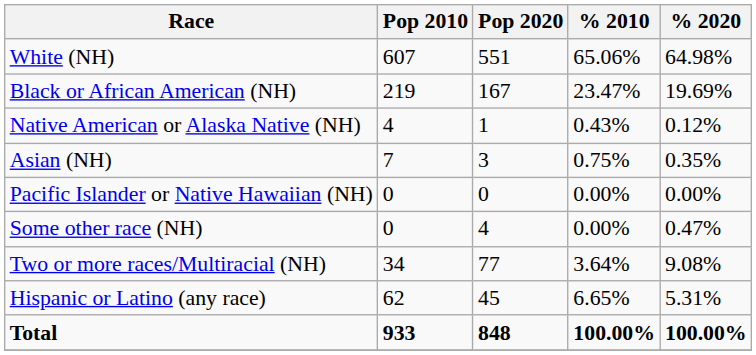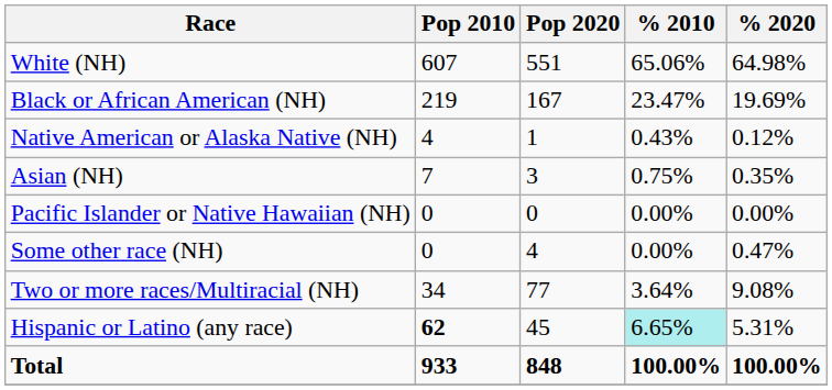 <table class="wikitable">
 <tr>
 <th>Race</th>
 <th>Pop 2010</th>
 <th>Pop 2020</th>
 <th>% 2010</th>
 <th>% 2020</th>
 </tr>
 <tr>
 <td><a href='#'>White</a> (NH)</td>
 <td>607</td>
 <td>551</td>
 <td>65.06%</td>
 <td>64.98%</td>
 </tr>
 <tr>
 <td><a href='#'>Black or African American</a> (NH)</td>
 <td>219</td>
 <td>167</td>
 <td>23.47%</td>
 <td>19.69%</td>
 </tr>
 <tr>
 <td><a href='#'>Native American</a> or <a href='#'>Alaska Native</a> (NH)</td>
 <td>4</td>
 <td>1</td>
 <td>0.43%</td>
 <td>0.12%</td>
 </tr>
 <tr>
 <td><a href='#'>Asian</a> (NH)</td>
 <td>7</td>
 <td>3</td>
 <td>0.75%</td>
 <td>0.35%</td>
 </tr>
 <tr>
 <td><a href='#'>Pacific Islander</a> or <a href='#'>Native Hawaiian</a> (NH)</td>
 <td>0</td>
 <td>0</td>
 <td>0.00%</td>
 <td>0.00%</td>
 </tr>
 <tr>
 <td><a href='#'>Some other race</a> (NH)</td>
 <td>0</td>
 <td>4</td>
 <td>0.00%</td>
 <td>0.47%</td>
 </tr>
 <tr>
 <td><a href='#'>Two or more races/Multiracial</a> (NH)</td>
 <td>34</td>
 <td>77</td>
 <td>3.64%</td>
 <td>9.08%</td>
 </tr>
 <tr>
 <td><a href='#'>Hispanic or Latino</a> (any race)</td>
-<td>62</td>
+<td><strong>62</strong></td>
 <td>45</td>
-<td>6.65%</td>
+<td style="background: paleturquoise;">6.65%</td>
 <td>5.31%</td>
 </tr>
 <tr>
 <td><strong>Total</strong></td>
 <td><strong>933</strong></td>
 <td><strong>848</strong></td>
 <td><strong>100.00%</strong></td>
 <td><strong>100.00%</strong></td>
 </tr>
 <tr>
 </tr>
 </table>
